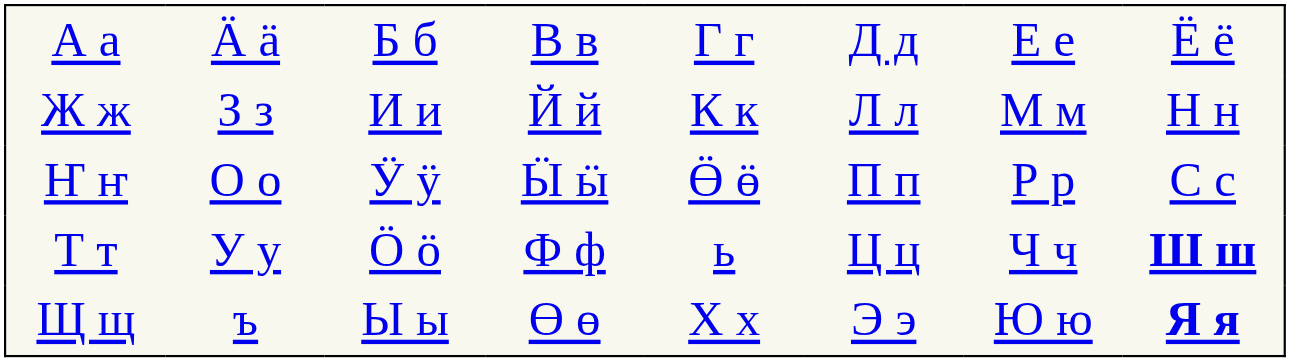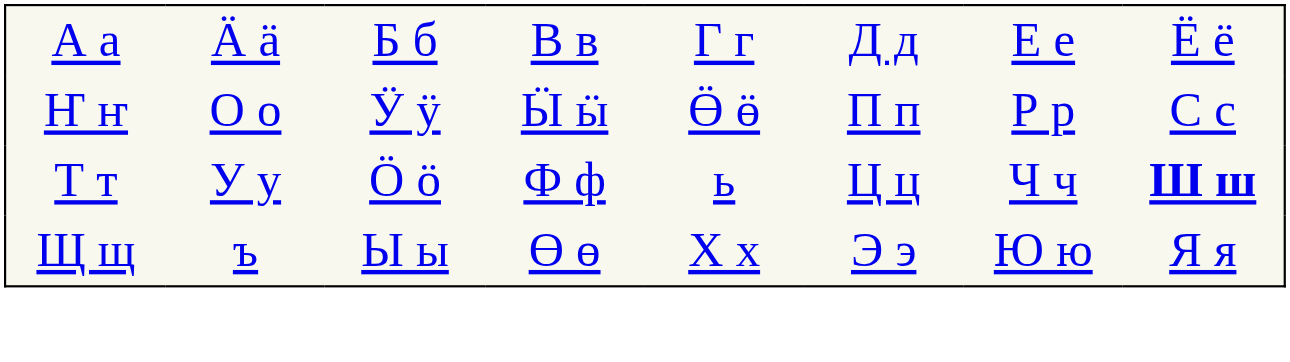 <table style="font-family:Arial Unicode MS; font-size:1.4em; border-color:#000000; border-width:1px; border-style:solid; border-collapse:collapse; background-color:#F8F8EF">
 <tr>
 <td style="width:3em; text-align:center; padding: 3px;"><a href='#'>А а</a></td>
 <td style="width:3em; text-align:center; padding: 3px;"><a href='#'>Ӓ ӓ</a></td>
 <td style="width:3em; text-align:center; padding: 3px;"><a href='#'>Б б</a></td>
 <td style="width:3em; text-align:center; padding: 3px;"><a href='#'>В в</a></td>
 <td style="width:3em; text-align:center; padding: 3px;"><a href='#'>Г г</a></td>
 <td style="width:3em; text-align:center; padding: 3px;"><a href='#'>Д д</a></td>
 <td style="width:3em; text-align:center; padding: 3px;"><a href='#'>Е е</a></td>
 <td style="width:3em; text-align:center; padding: 3px;"><a href='#'>Ё ё</a></td>
-</tr>
-<tr>
-<td style="width:3em; text-align:center; padding: 3px;"><a href='#'>Ж ж</a></td>
-<td style="width:3em; text-align:center; padding: 3px;"><a href='#'>З з</a></td>
-<td style="width:3em; text-align:center; padding: 3px;"><a href='#'>И и</a></td>
-<td style="width:3em; text-align:center; padding: 3px;"><a href='#'>Й й</a></td>
-<td style="width:3em; text-align:center; padding: 3px;"><a href='#'>К к</a></td>
-<td style="width:3em; text-align:center; padding: 3px;"><a href='#'>Л л</a></td>
-<td style="width:3em; text-align:center; padding: 3px;"><a href='#'>М м</a></td>
-<td style="width:3em; text-align:center; padding: 3px;"><a href='#'>Н н</a></td>
 </tr>
 <tr>
 <td style="width:3em; text-align:center; padding: 3px;"><a href='#'>Ҥ ҥ</a></td>
 <td style="width:3em; text-align:center; padding: 3px;"><a href='#'>О о</a></td>
 <td style="width:3em; text-align:center; padding: 3px;"><a href='#'>Ӱ ӱ</a></td>
 <td style="width:3em; text-align:center; padding: 3px;"><a href='#'>Ӹ ӹ</a></td>
 <td style="width:3em; text-align:center; padding: 3px;"><a href='#'>Ӫ ӫ</a></td>
 <td style="width:3em; text-align:center; padding: 3px;"><a href='#'>П п</a></td>
 <td style="width:3em; text-align:center; padding: 3px;"><a href='#'>Р р</a></td>
 <td style="width:3em; text-align:center; padding: 3px;"><a href='#'>С с</a></td>
 </tr>
 <tr>
 <td style="width:3em; text-align:center; padding: 3px;"><a href='#'>Т т</a></td>
 <td style="width:3em; text-align:center; padding: 3px;"><a href='#'>У у</a></td>
 <td style="width:3em; text-align:center; padding: 3px;"><a href='#'>Ӧ ӧ</a></td>
 <td style="width:3em; text-align:center; padding: 3px;"><a href='#'>Ф ф</a></td>
 <td style="width:3em; text-align:center; padding: 3px;"><a href='#'>ь</a></td>
 <td style="width:3em; text-align:center; padding: 3px;"><a href='#'>Ц ц</a></td>
 <td style="width:3em; text-align:center; padding: 3px;"><a href='#'>Ч ч</a></td>
 <td style="width:3em; text-align:center; padding: 3px;"><strong><a href='#'>Ш ш</a></strong></td>
 </tr>
 <tr>
 <td style="width:3em; text-align:center; padding: 3px;"><a href='#'>Щ щ</a></td>
 <td style="width:3em; text-align:center; padding: 3px;"><a href='#'>ъ</a></td>
 <td style="width:3em; text-align:center; padding: 3px;"><a href='#'>Ы ы</a></td>
 <td style="width:3em; text-align:center; padding: 3px;"><a href='#'>Ө ө</a></td>
 <td style="width:3em; text-align:center; padding: 3px;"><a href='#'>Х х</a></td>
 <td style="width:3em; text-align:center; padding: 3px;"><a href='#'>Э э</a></td>
 <td style="width:3em; text-align:center; padding: 3px;"><a href='#'>Ю ю</a></td>
-<td style="width:3em; text-align:center; padding: 3px;"><strong><a href='#'>Я я</a></strong></td>
+<td style="width:3em; text-align:center; padding: 3px;"><a href='#'>Я я</a></td>
 </tr>
 </table>
